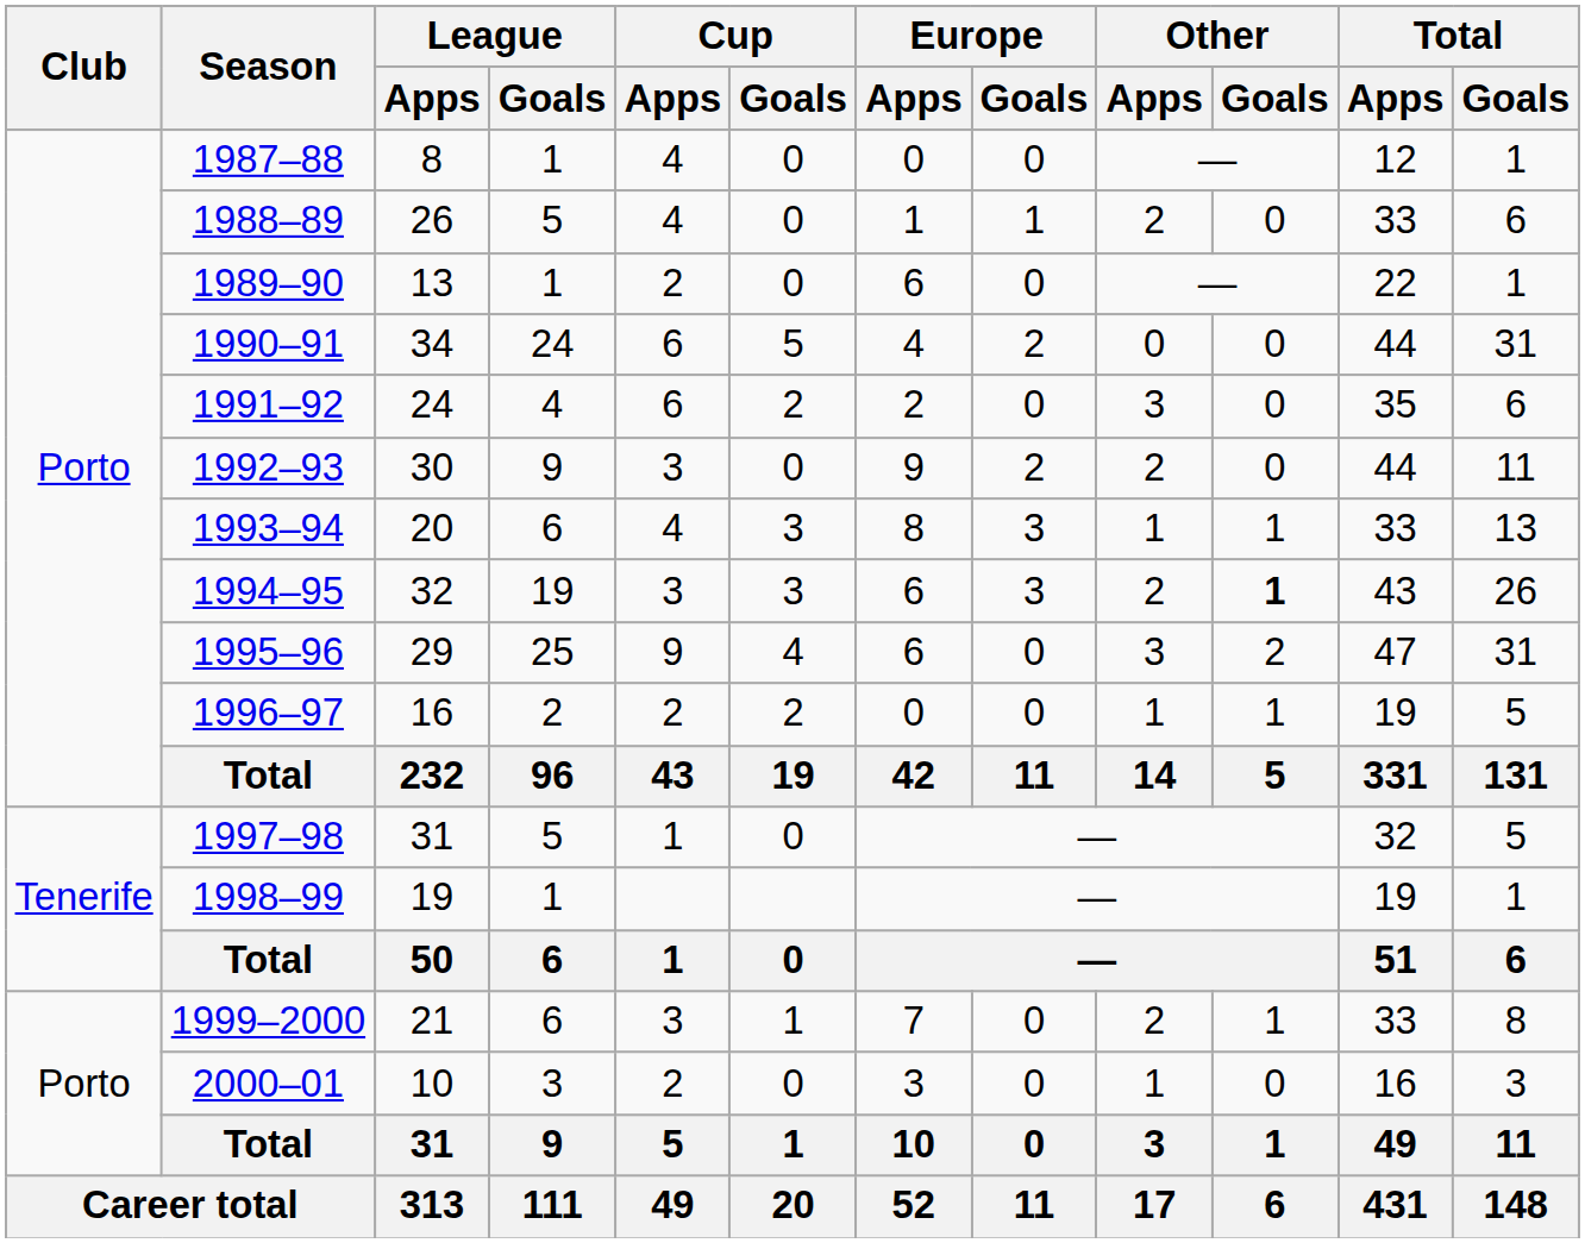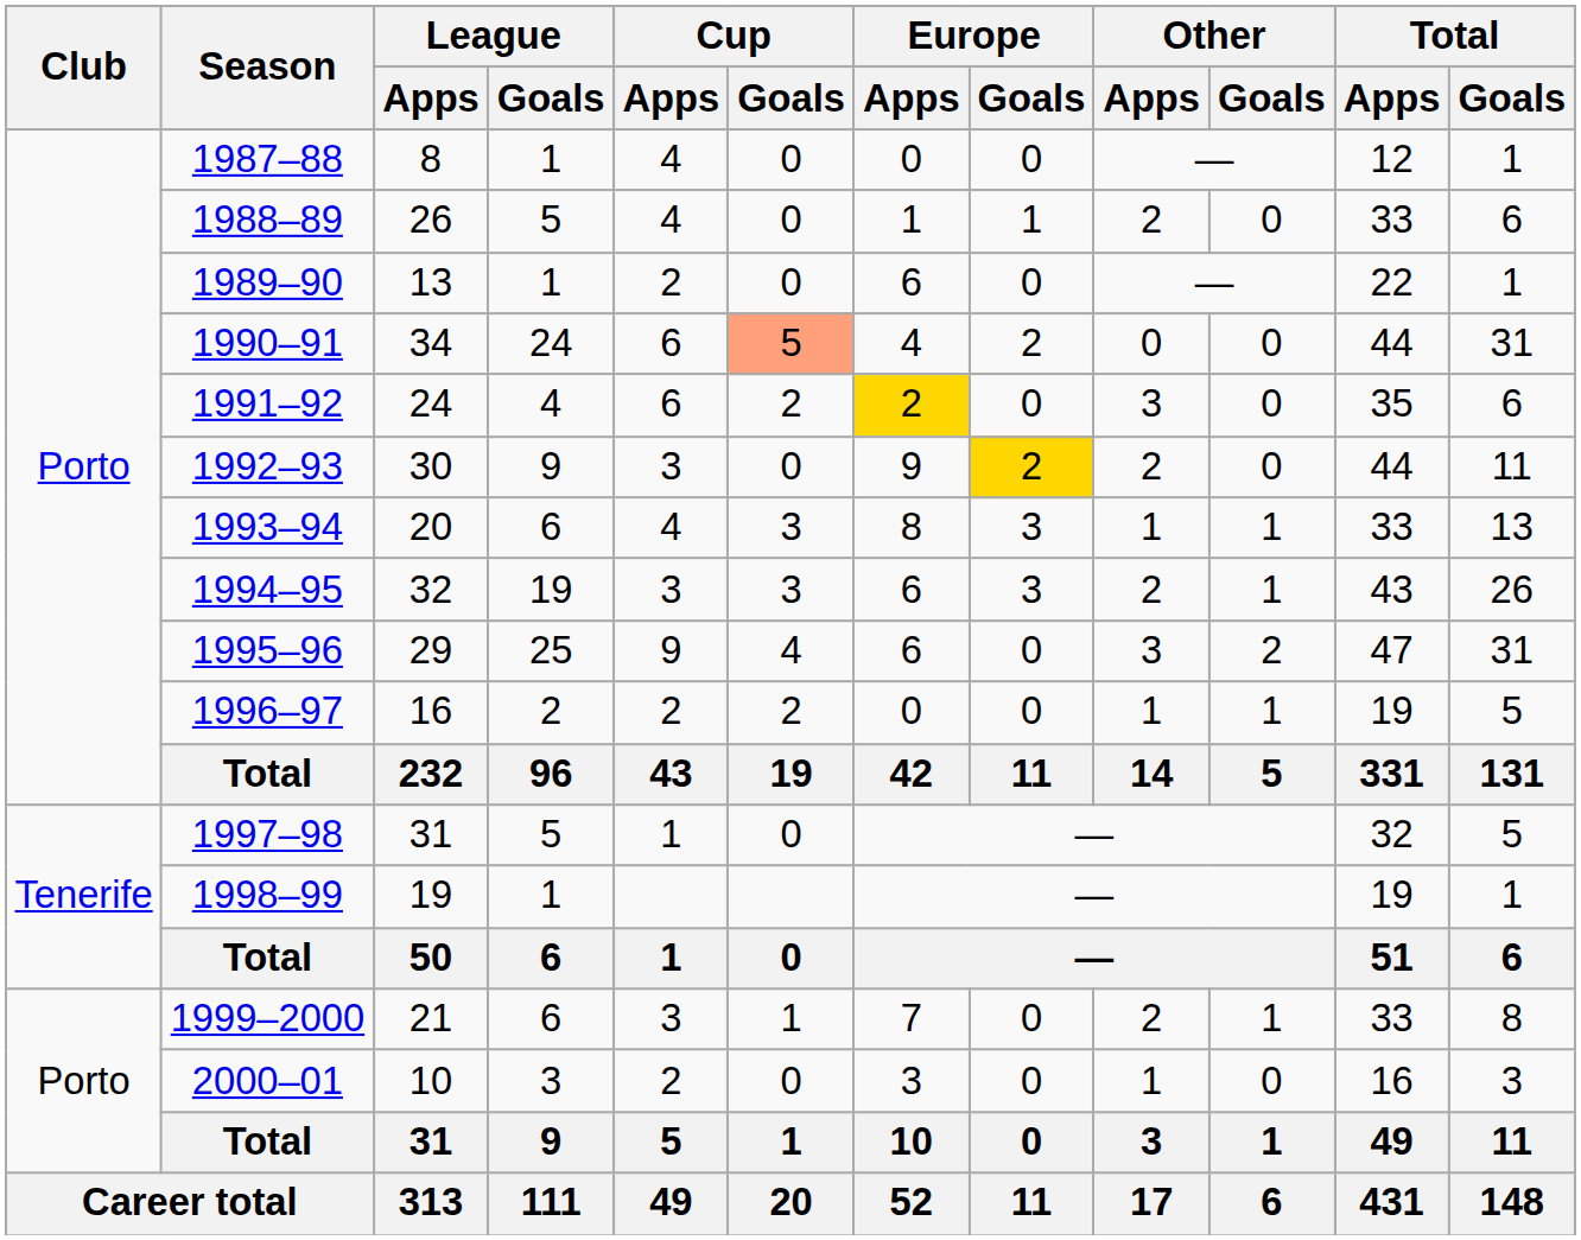 <table class="wikitable" style="text-align: center;">
 <tr>
 <th rowspan="2">Club</th>
 <th rowspan="2">Season</th>
 <th colspan="2">League</th>
 <th colspan="2">Cup</th>
 <th colspan="2">Europe</th>
 <th colspan="2">Other</th>
 <th colspan="2">Total</th>
 </tr>
 <tr>
 <th>Apps</th>
 <th>Goals</th>
 <th>Apps</th>
 <th>Goals</th>
 <th>Apps</th>
 <th>Goals</th>
 <th>Apps</th>
 <th>Goals</th>
 <th>Apps</th>
 <th>Goals</th>
 </tr>
 <tr>
 <td rowspan="11"><a href='#'>Porto</a></td>
 <td><a href='#'>1987–88</a></td>
 <td>8</td>
 <td>1</td>
 <td>4</td>
 <td>0</td>
 <td>0</td>
 <td>0</td>
 <td colspan="2">—</td>
 <td>12</td>
 <td>1</td>
 </tr>
 <tr>
 <td><a href='#'>1988–89</a></td>
 <td>26</td>
 <td>5</td>
 <td>4</td>
 <td>0</td>
 <td>1</td>
 <td>1</td>
 <td>2</td>
 <td>0</td>
 <td>33</td>
 <td>6</td>
 </tr>
 <tr>
 <td><a href='#'>1989–90</a></td>
 <td>13</td>
 <td>1</td>
 <td>2</td>
 <td>0</td>
 <td>6</td>
 <td>0</td>
 <td colspan="2">—</td>
 <td>22</td>
 <td>1</td>
 </tr>
 <tr>
 <td><a href='#'>1990–91</a></td>
 <td>34</td>
 <td>24</td>
 <td>6</td>
-<td>5</td>
+<td style="background: lightsalmon;">5</td>
 <td>4</td>
 <td>2</td>
 <td>0</td>
 <td>0</td>
 <td>44</td>
 <td>31</td>
 </tr>
 <tr>
 <td><a href='#'>1991–92</a></td>
 <td>24</td>
 <td>4</td>
 <td>6</td>
 <td>2</td>
-<td>2</td>
+<td style="background: gold;">2</td>
 <td>0</td>
 <td>3</td>
 <td>0</td>
 <td>35</td>
 <td>6</td>
 </tr>
 <tr>
 <td><a href='#'>1992–93</a></td>
 <td>30</td>
 <td>9</td>
 <td>3</td>
 <td>0</td>
 <td>9</td>
-<td>2</td>
+<td style="background: gold;">2</td>
 <td>2</td>
 <td>0</td>
 <td>44</td>
 <td>11</td>
 </tr>
 <tr>
 <td><a href='#'>1993–94</a></td>
 <td>20</td>
 <td>6</td>
 <td>4</td>
 <td>3</td>
 <td>8</td>
 <td>3</td>
 <td>1</td>
 <td>1</td>
 <td>33</td>
 <td>13</td>
 </tr>
 <tr>
 <td><a href='#'>1994–95</a></td>
 <td>32</td>
 <td>19</td>
 <td>3</td>
 <td>3</td>
 <td>6</td>
 <td>3</td>
 <td>2</td>
-<td><strong>1</strong></td>
+<td>1</td>
 <td>43</td>
 <td>26</td>
 </tr>
 <tr>
 <td><a href='#'>1995–96</a></td>
 <td>29</td>
 <td>25</td>
 <td>9</td>
 <td>4</td>
 <td>6</td>
 <td>0</td>
 <td>3</td>
 <td>2</td>
 <td>47</td>
 <td>31</td>
 </tr>
 <tr>
 <td><a href='#'>1996–97</a></td>
 <td>16</td>
 <td>2</td>
 <td>2</td>
 <td>2</td>
 <td>0</td>
 <td>0</td>
 <td>1</td>
 <td>1</td>
 <td>19</td>
 <td>5</td>
 </tr>
 <tr>
 <th>Total</th>
 <th>232</th>
 <th>96</th>
 <th>43</th>
 <th>19</th>
 <th>42</th>
 <th>11</th>
 <th>14</th>
 <th>5</th>
 <th>331</th>
 <th>131</th>
 </tr>
 <tr>
 <td rowspan="3"><a href='#'>Tenerife</a></td>
 <td><a href='#'>1997–98</a></td>
 <td>31</td>
 <td>5</td>
 <td>1</td>
 <td>0</td>
 <td colspan="4">—</td>
 <td>32</td>
 <td>5</td>
 </tr>
 <tr>
 <td><a href='#'>1998–99</a></td>
 <td>19</td>
 <td>1</td>
 <td></td>
 <td></td>
 <td colspan="4">—</td>
 <td>19</td>
 <td>1</td>
 </tr>
 <tr>
 <th>Total</th>
 <th>50</th>
 <th>6</th>
 <th>1</th>
 <th>0</th>
 <th colspan="4">—</th>
 <th>51</th>
 <th>6</th>
 </tr>
 <tr>
 <td rowspan="3">Porto</td>
 <td><a href='#'>1999–2000</a></td>
 <td>21</td>
 <td>6</td>
 <td>3</td>
 <td>1</td>
 <td>7</td>
 <td>0</td>
 <td>2</td>
 <td>1</td>
 <td>33</td>
 <td>8</td>
 </tr>
 <tr>
 <td><a href='#'>2000–01</a></td>
 <td>10</td>
 <td>3</td>
 <td>2</td>
 <td>0</td>
 <td>3</td>
 <td>0</td>
 <td>1</td>
 <td>0</td>
 <td>16</td>
 <td>3</td>
 </tr>
 <tr>
 <th>Total</th>
 <th>31</th>
 <th>9</th>
 <th>5</th>
 <th>1</th>
 <th>10</th>
 <th>0</th>
 <th>3</th>
 <th>1</th>
 <th>49</th>
 <th>11</th>
 </tr>
 <tr>
 <th colspan="2">Career total</th>
 <th>313</th>
 <th>111</th>
 <th>49</th>
 <th>20</th>
 <th>52</th>
 <th>11</th>
 <th>17</th>
 <th>6</th>
 <th>431</th>
 <th>148</th>
 </tr>
 </table>
